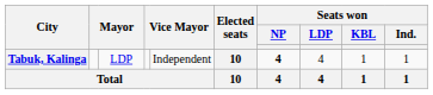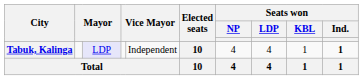 <table class="wikitable" style="text-align:center; font-size: 0.9em;">
 <tr>
 <th rowspan="3">City</th>
 <th colspan="2" rowspan="3" style="width:60px;">Mayor</th>
 <th colspan="2" rowspan="3" style="width:60px;">Vice Mayor</th>
 <th rowspan="3">Elected<br>seats</th>
 <th colspan="4">Seats won</th>
 </tr>
 <tr>
 <th class="unsortable" style="width:45px;"><a href='#'>NP</a></th>
 <th class="unsortable" style="width:45px;"><a href='#'>LDP</a></th>
 <th class="unsortable" style="width:45px;"><a href='#'>KBL</a></th>
 <th class="unsortable" style="width:45px;">Ind.</th>
 </tr>
 <tr>
 <th style="color:inherit;background:"></th>
 <th style="color:inherit;background:"></th>
 <th style="color:inherit;background:"></th>
 <th></th>
 </tr>
 <tr>
 <th style="text-align: left;"><a href='#'>Tabuk, Kalinga</a></th>
 <td style="color:inherit;background:"></td>
-<td><a href='#'>LDP</a></td>
+<td style="background: lavender;"><a href='#'>LDP</a></td>
 <td style="color:inherit;background:"></td>
 <td>Independent</td>
 <th>10</th>
-<td><strong>4</strong></td>
+<td>4</td>
 <td>4</td>
 <td>1</td>
-<td>1</td>
+<td><strong>1</strong></td>
 </tr>
 <tr>
 <th colspan="5">Total</th>
 <th>10</th>
 <th>4</th>
 <th>4</th>
 <th>1</th>
 <th>1</th>
 </tr>
 </table>
